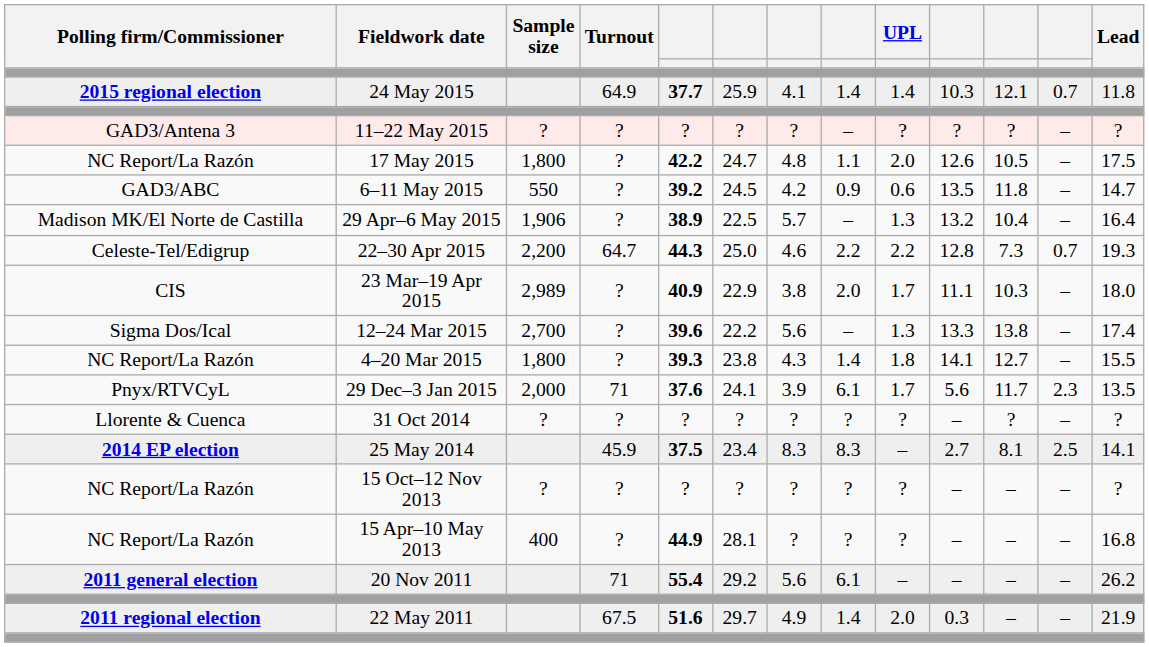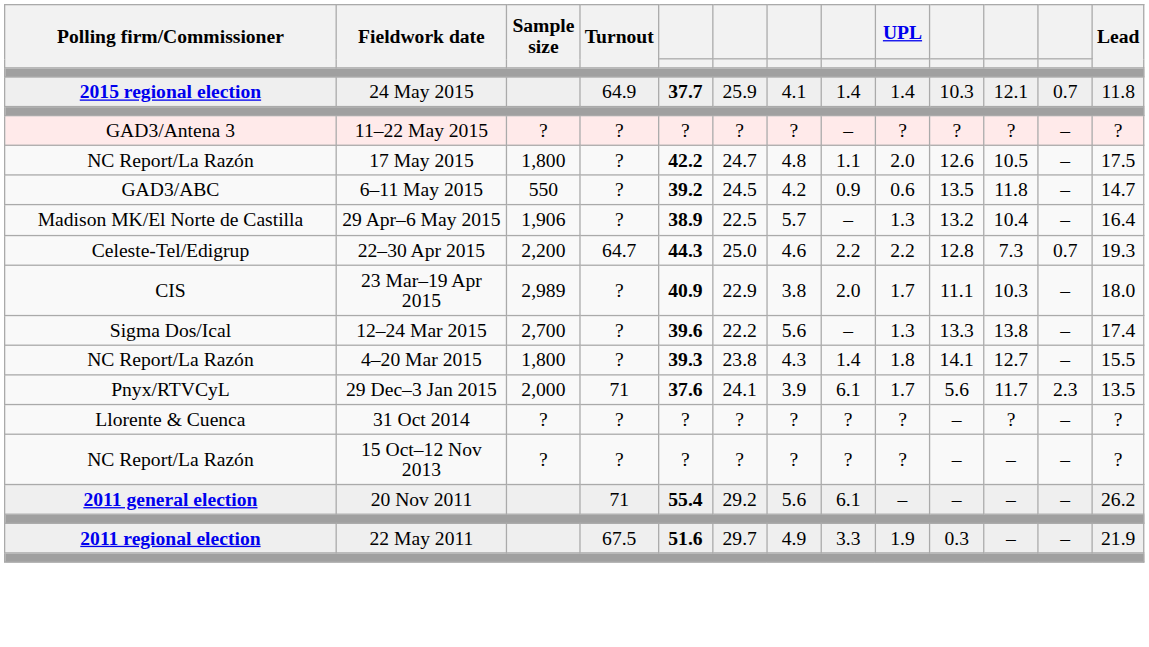 <table class="wikitable collapsible collapsed" style="text-align:center; font-size:95%; line-height:16px;">
 <tr style="height:42px;">
 <th style="width:250px;" rowspan="2">Polling firm/Commissioner</th>
 <th style="width:125px;" rowspan="2">Fieldwork date</th>
 <th style="width:50px;" rowspan="2">Sample size</th>
 <th style="width:45px;" rowspan="2">Turnout</th>
 <th style="width:35px;"></th>
 <th style="width:35px;"></th>
 <th style="width:35px;"></th>
 <th style="width:35px;"></th>
 <th style="width:35px;"><a href='#'>UPL</a></th>
 <th style="width:35px;"></th>
 <th style="width:35px;"></th>
 <th style="width:35px;"></th>
 <th style="width:30px;" rowspan="2">Lead</th>
 </tr>
 <tr>
 <th style="color:inherit;background:"></th>
 <th style="color:inherit;background:"></th>
 <th style="color:inherit;background:"></th>
 <th style="color:inherit;background:"></th>
 <th style="color:inherit;background:"></th>
 <th style="color:inherit;background:"></th>
 <th style="color:inherit;background:"></th>
 <th style="color:inherit;background:"></th>
 </tr>
 <tr>
 <td colspan="13" style="background:#A0A0A0"></td>
 </tr>
 <tr style="background:#EFEFEF;">
 <td><strong><a href='#'>2015 regional election</a></strong></td>
 <td>24 May 2015</td>
 <td></td>
 <td>64.9</td>
 <td><strong>37.7</strong><br></td>
 <td>25.9<br></td>
 <td>4.1<br></td>
 <td>1.4<br></td>
 <td>1.4<br></td>
 <td>10.3<br></td>
 <td>12.1<br></td>
 <td>0.7<br></td>
 <td style="background:">11.8</td>
 </tr>
 <tr>
 <td colspan="13" style="background:#A0A0A0"></td>
 </tr>
 <tr style="background:#FFEAEA;">
 <td>GAD3/Antena 3</td>
 <td>11–22 May 2015</td>
 <td>?</td>
 <td>?</td>
 <td>?<br></td>
 <td>?<br></td>
 <td>?<br></td>
 <td>–</td>
 <td>?<br></td>
 <td>?<br></td>
 <td>?<br></td>
 <td>–</td>
 <td style="background:">?</td>
 </tr>
 <tr>
 <td>NC Report/La Razón</td>
 <td>17 May 2015</td>
 <td>1,800</td>
 <td>?</td>
 <td><strong>42.2</strong><br></td>
 <td>24.7<br></td>
 <td>4.8<br></td>
 <td>1.1<br></td>
 <td>2.0<br></td>
 <td>12.6<br></td>
 <td>10.5<br></td>
 <td>–</td>
 <td style="background:">17.5</td>
 </tr>
 <tr>
 <td>GAD3/ABC</td>
 <td>6–11 May 2015</td>
 <td>550</td>
 <td>?</td>
 <td><strong>39.2</strong><br></td>
 <td>24.5<br></td>
 <td>4.2<br></td>
 <td>0.9<br></td>
 <td>0.6<br></td>
 <td>13.5<br></td>
 <td>11.8<br></td>
 <td>–</td>
 <td style="background:">14.7</td>
 </tr>
 <tr>
 <td>Madison MK/El Norte de Castilla</td>
 <td>29 Apr–6 May 2015</td>
 <td>1,906</td>
 <td>?</td>
 <td><strong>38.9</strong><br></td>
 <td>22.5<br></td>
 <td>5.7<br></td>
 <td>–</td>
 <td>1.3<br></td>
 <td>13.2<br></td>
 <td>10.4<br></td>
 <td>–</td>
 <td style="background:">16.4</td>
 </tr>
 <tr>
 <td>Celeste-Tel/Edigrup</td>
 <td>22–30 Apr 2015</td>
 <td>2,200</td>
 <td>64.7</td>
 <td><strong>44.3</strong><br></td>
 <td>25.0<br></td>
 <td>4.6<br></td>
 <td>2.2<br></td>
 <td>2.2<br></td>
 <td>12.8<br></td>
 <td>7.3<br></td>
 <td>0.7<br></td>
 <td style="background:">19.3</td>
 </tr>
 <tr>
 <td>CIS</td>
 <td>23 Mar–19 Apr 2015</td>
 <td>2,989</td>
 <td>?</td>
 <td><strong>40.9</strong><br></td>
 <td>22.9<br></td>
 <td>3.8<br></td>
 <td>2.0<br></td>
 <td>1.7<br></td>
 <td>11.1<br></td>
 <td>10.3<br></td>
 <td>–</td>
 <td style="background:">18.0</td>
 </tr>
 <tr>
 <td>Sigma Dos/Ical</td>
 <td>12–24 Mar 2015</td>
 <td>2,700</td>
 <td>?</td>
 <td><strong>39.6</strong><br></td>
 <td>22.2<br></td>
 <td>5.6<br></td>
 <td>–</td>
 <td>1.3<br></td>
 <td>13.3<br></td>
 <td>13.8<br></td>
 <td>–</td>
 <td style="background:">17.4</td>
 </tr>
 <tr>
 <td>NC Report/La Razón</td>
 <td>4–20 Mar 2015</td>
 <td>1,800</td>
 <td>?</td>
 <td><strong>39.3</strong><br></td>
 <td>23.8<br></td>
 <td>4.3<br></td>
 <td>1.4<br></td>
 <td>1.8<br></td>
 <td>14.1<br></td>
 <td>12.7<br></td>
 <td>–</td>
 <td style="background:">15.5</td>
 </tr>
 <tr>
 <td>Pnyx/RTVCyL</td>
 <td>29 Dec–3 Jan 2015</td>
 <td>2,000</td>
 <td>71</td>
 <td><strong>37.6</strong><br></td>
 <td>24.1<br></td>
 <td>3.9<br></td>
 <td>6.1<br></td>
 <td>1.7<br></td>
 <td>5.6<br></td>
 <td>11.7<br></td>
 <td>2.3<br></td>
 <td style="background:">13.5</td>
 </tr>
 <tr>
 <td>Llorente & Cuenca</td>
 <td>31 Oct 2014</td>
 <td>?</td>
 <td>?</td>
 <td>?<br></td>
 <td>?<br></td>
 <td>?<br></td>
 <td>?<br></td>
 <td>?<br></td>
 <td>–</td>
 <td>?<br></td>
 <td>–</td>
 <td style="background:">?</td>
 </tr>
-<tr style="background:#EFEFEF;">
-<td><strong><a href='#'>2014 EP election</a></strong></td>
-<td>25 May 2014</td>
-<td></td>
-<td>45.9</td>
-<td><strong>37.5</strong><br></td>
-<td>23.4<br></td>
-<td>8.3<br></td>
-<td>8.3<br></td>
-<td>–</td>
-<td>2.7<br></td>
-<td>8.1<br></td>
-<td>2.5<br></td>
-<td style="background:">14.1</td>
-</tr>
 <tr>
 <td>NC Report/La Razón</td>
 <td>15 Oct–12 Nov 2013</td>
 <td>?</td>
 <td>?</td>
 <td>?<br></td>
 <td>?<br></td>
 <td>?<br></td>
 <td>?<br></td>
 <td>?<br></td>
 <td>–</td>
 <td>–</td>
 <td>–</td>
 <td style="background:">?</td>
-</tr>
-<tr>
-<td>NC Report/La Razón</td>
-<td>15 Apr–10 May 2013</td>
-<td>400</td>
-<td>?</td>
-<td><strong>44.9</strong><br></td>
-<td>28.1<br></td>
-<td>?<br></td>
-<td>?<br></td>
-<td>?<br></td>
-<td>–</td>
-<td>–</td>
-<td>–</td>
-<td style="background:">16.8</td>
 </tr>
 <tr style="background:#EFEFEF;">
 <td><strong><a href='#'>2011 general election</a></strong></td>
 <td>20 Nov 2011</td>
 <td></td>
 <td>71</td>
 <td><strong>55.4</strong><br></td>
 <td>29.2<br></td>
 <td>5.6<br></td>
 <td>6.1<br></td>
 <td>–</td>
 <td>–</td>
 <td>–</td>
 <td>–</td>
 <td style="background:">26.2</td>
 </tr>
 <tr>
 <td colspan="13" style="background:#A0A0A0"></td>
 </tr>
 <tr style="background:#EFEFEF;">
 <td><strong><a href='#'>2011 regional election</a></strong></td>
 <td>22 May 2011</td>
 <td></td>
 <td>67.5</td>
 <td><strong>51.6</strong><br></td>
 <td>29.7<br></td>
 <td>4.9<br></td>
-<td>1.4<br></td>
-<td>2.0<br></td>
+<td>3.3<br></td>
+<td>1.9<br></td>
 <td>0.3<br></td>
 <td>–</td>
 <td>–</td>
 <td style="background:">21.9</td>
 </tr>
 <tr>
 <td colspan="13" style="background:#A0A0A0"></td>
 </tr>
 </table>
